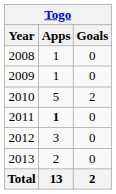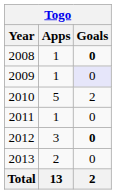 <table class="wikitable" style="text-align:center">
 <tr>
 <th colspan=3><a href='#'>Togo</a></th>
 </tr>
 <tr>
 <th>Year</th>
 <th>Apps</th>
 <th>Goals</th>
 </tr>
 <tr>
 <td>2008</td>
 <td>1</td>
-<td>0</td>
+<td><strong>0</strong></td>
 </tr>
 <tr>
 <td>2009</td>
 <td>1</td>
-<td>0</td>
+<td style="background: lavender;">0</td>
 </tr>
 <tr>
 <td>2010</td>
 <td>5</td>
 <td>2</td>
 </tr>
 <tr>
 <td>2011</td>
-<td><strong>1</strong></td>
+<td>1</td>
 <td>0</td>
 </tr>
 <tr>
 <td>2012</td>
 <td>3</td>
-<td>0</td>
+<td><strong>0</strong></td>
 </tr>
 <tr>
 <td>2013</td>
 <td>2</td>
 <td>0</td>
 </tr>
 <tr>
 <th>Total</th>
 <th>13</th>
 <th>2</th>
 </tr>
 </table>
